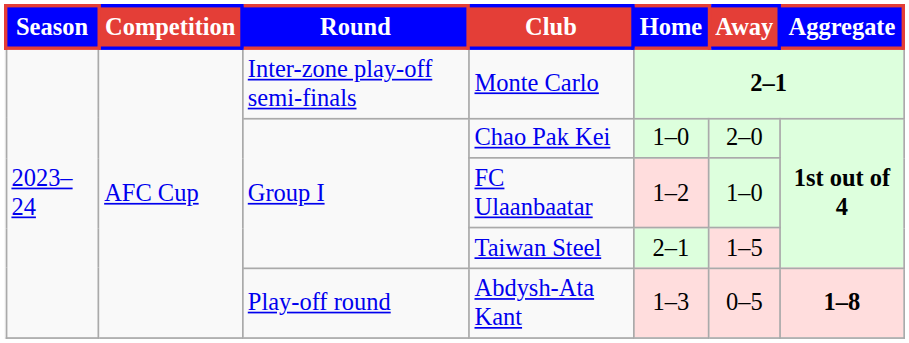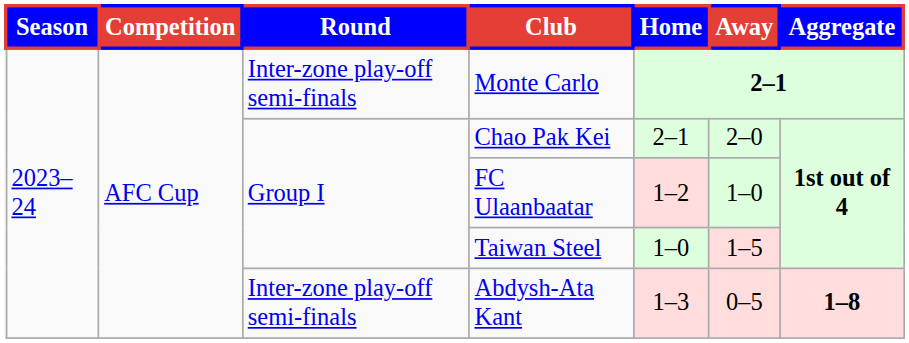 <table class="wikitable" style="font-size:90%; width:85%;" ;>
 <tr>
 <th style="color:white; background:#0000FF; border:2px solid #e43e37">Season</th>
 <th style="color:white; background:#e43e37; border:2px solid #0000FF">Competition</th>
 <th style="color:white; background:#0000FF; border:2px solid #e43e37">Round</th>
 <th style="color:white; background:#e43e37; border:2px solid #0000FF">Club</th>
 <th style="color:white; background:#0000FF; border:2px solid #e43e37">Home</th>
 <th style="color:white; background:#e43e37; border:2px solid #0000FF">Away</th>
 <th style="color:white; background:#0000FF; border:2px solid #e43e37">Aggregate</th>
 </tr>
 <tr>
 <td rowspan="5"><a href='#'>2023–24</a></td>
 <td rowspan="5"><a href='#'>AFC Cup</a></td>
 <td><a href='#'>Inter-zone play-off semi-finals</a></td>
 <td> <a href='#'>Monte Carlo</a></td>
 <td colspan="3" style="text-align:center; background:#ddffdd;"><strong>2–1</strong></td>
 </tr>
 <tr>
 <td rowspan="3"><a href='#'>Group I</a></td>
 <td> <a href='#'>Chao Pak Kei</a></td>
-<td style="text-align:center; background:#ddffdd;">1–0</td>
+<td style="text-align:center; background:#ddffdd;">2–1</td>
 <td style="text-align:center; background:#ddffdd;">2–0</td>
 <td rowspan="3" style="text-align:center; background:#ddffdd;"><strong>1st out of 4</strong></td>
 </tr>
 <tr>
 <td> <a href='#'>FC Ulaanbaatar</a></td>
 <td style="text-align:center; background:#ffdddd;">1–2</td>
 <td style="text-align:center; background:#ddffdd;">1–0</td>
 </tr>
 <tr>
 <td> <a href='#'>Taiwan Steel</a></td>
-<td style="text-align:center; background:#ddffdd;">2–1</td>
+<td style="text-align:center; background:#ddffdd;">1–0</td>
 <td style="text-align:center; background:#ffdddd;">1–5</td>
 </tr>
 <tr>
-<td><a href='#'>Play-off round</a></td>
+<td><a href='#'>Inter-zone play-off semi-finals</a></td>
 <td> <a href='#'>Abdysh-Ata Kant</a></td>
 <td style="text-align:center; background:#ffdddd;">1–3</td>
 <td style="text-align:center; background:#ffdddd;">0–5</td>
 <td style="text-align:center; background:#ffdddd;"><strong>1–8</strong></td>
 </tr>
 </table>
